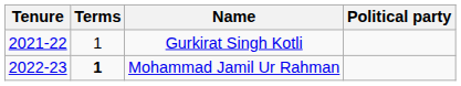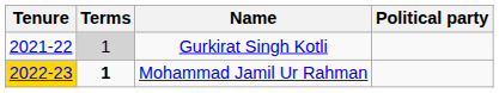 <table class="wikitable sortable">
 <tr>
 <th>Tenure</th>
 <th>Terms</th>
 <th>Name</th>
 <th colspan="2">Political party</th>
 </tr>
 <tr align="center">
 <td><a href='#'>2021-22</a></td>
-<td>1</td>
+<td style="background: lightgrey;">1</td>
 <td><a href='#'>Gurkirat Singh Kotli</a></td>
 <td></td>
 </tr>
 <tr align="center">
-<td><a href='#'>2022-23</a></td>
+<td style="background: gold;"><a href='#'>2022-23</a></td>
 <td><strong>1</strong></td>
 <td><a href='#'>Mohammad Jamil Ur Rahman</a></td>
 <td></td>
 </tr>
 </table>
